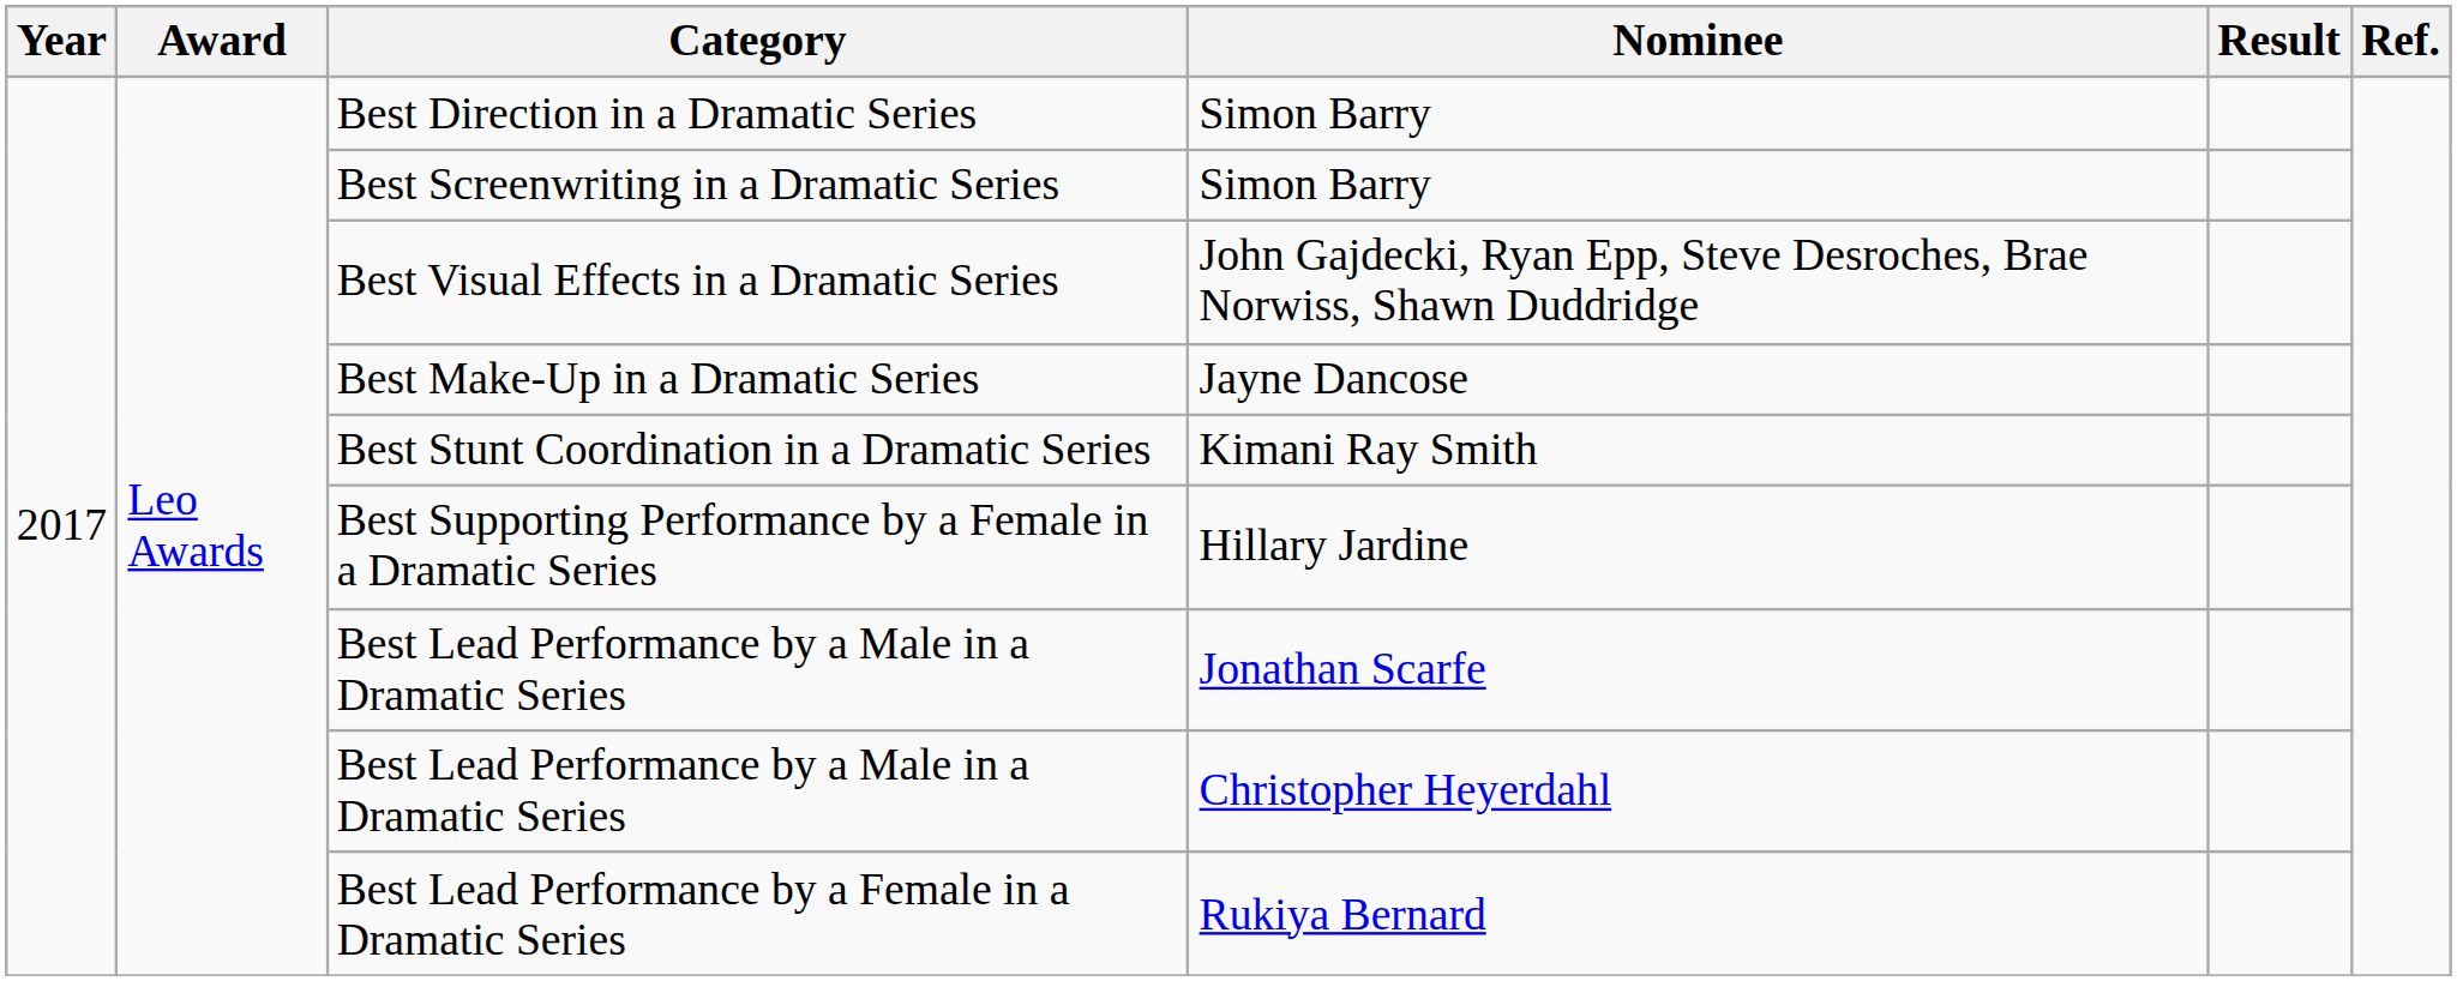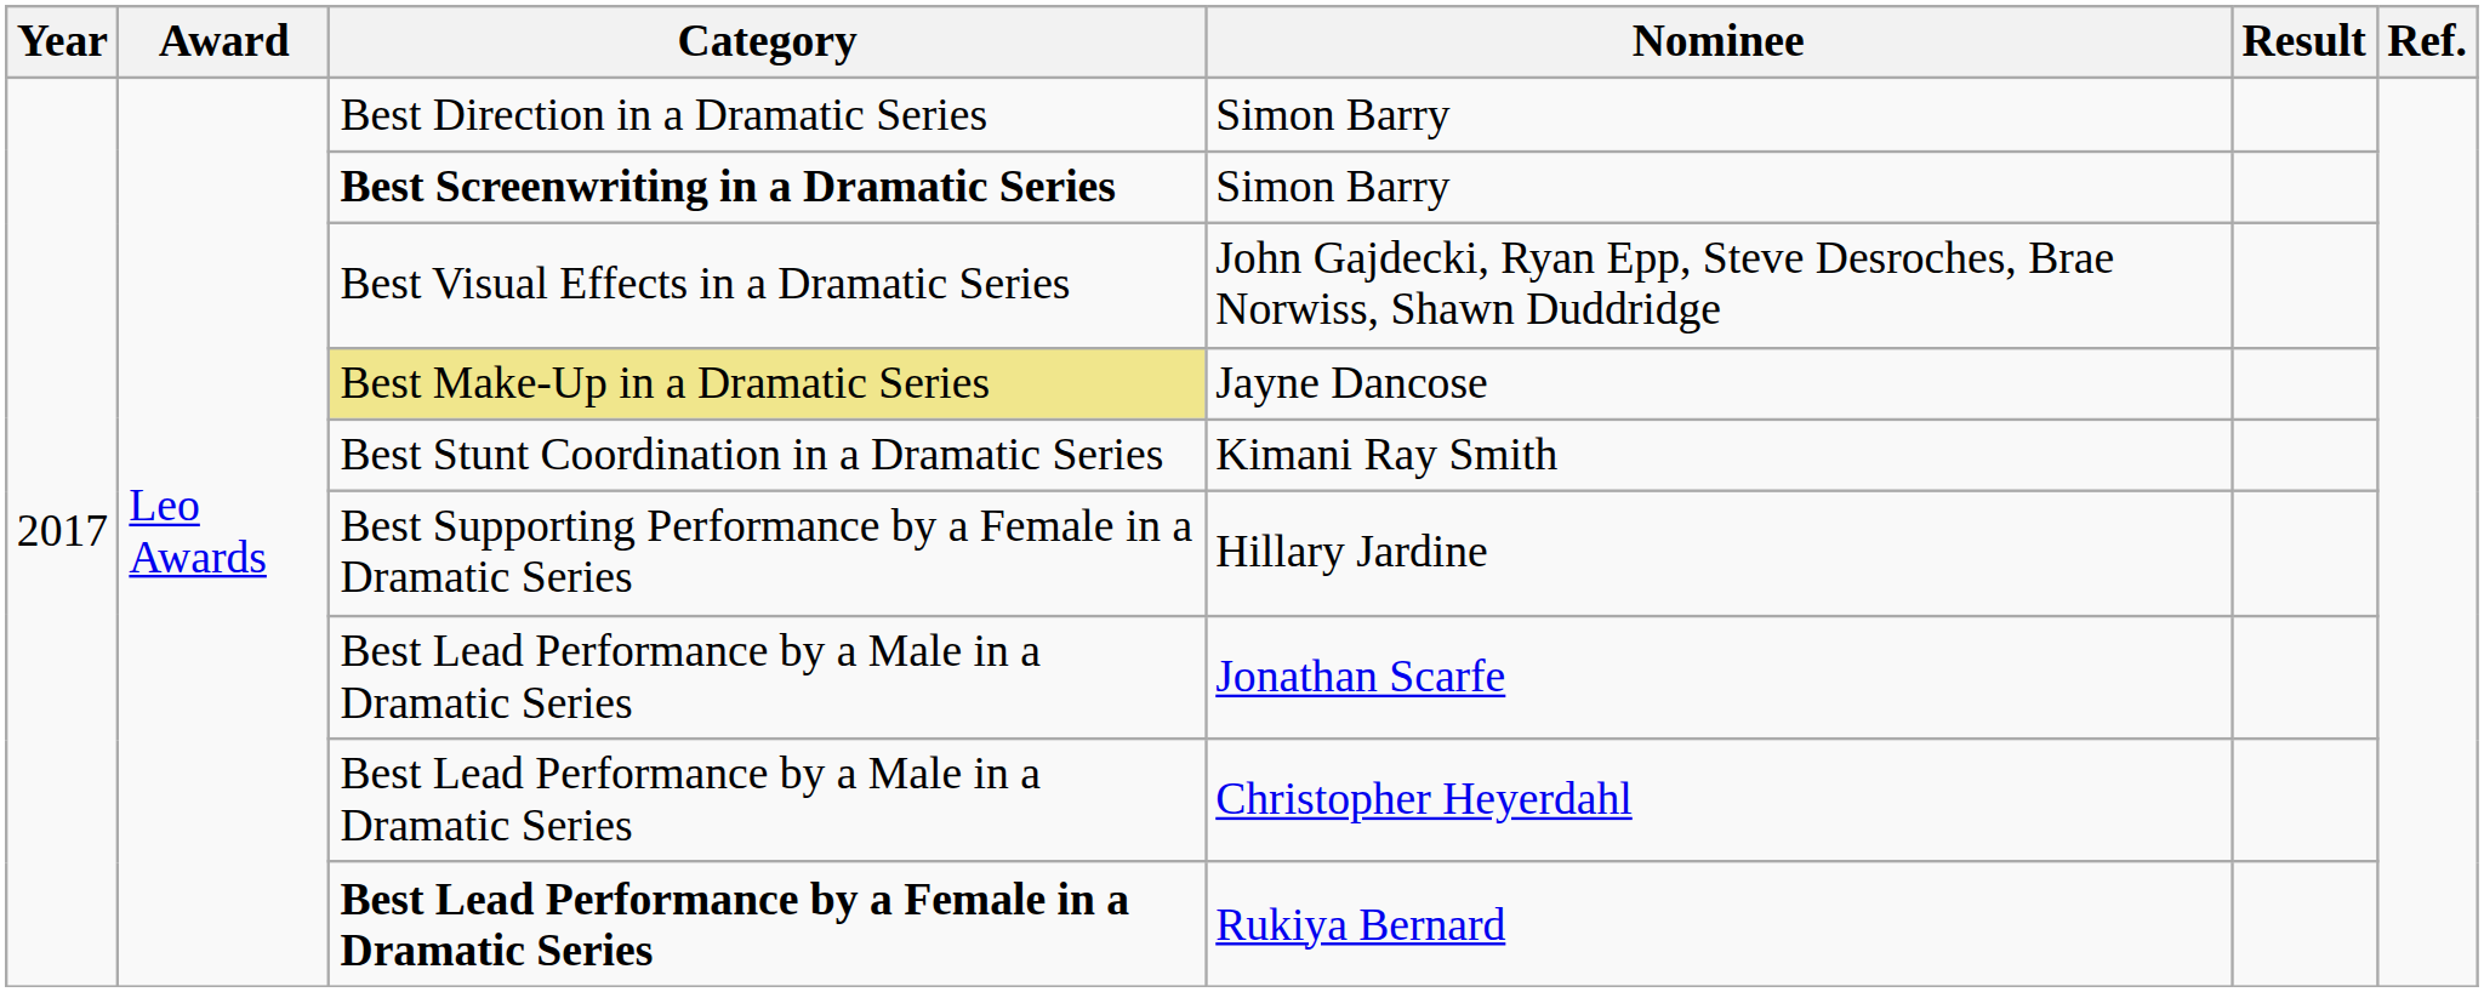 <table class="wikitable">
 <tr>
 <th>Year</th>
 <th>Award</th>
 <th>Category</th>
 <th>Nominee</th>
 <th>Result</th>
 <th>Ref.</th>
 </tr>
 <tr>
 <td rowspan=9>2017</td>
 <td rowspan=9><a href='#'>Leo Awards</a></td>
 <td>Best Direction in a Dramatic Series</td>
 <td>Simon Barry </td>
 <td></td>
 <td rowspan=9></td>
 </tr>
 <tr>
-<td>Best Screenwriting in a Dramatic Series</td>
+<td><strong>Best Screenwriting in a Dramatic Series</strong></td>
 <td>Simon Barry </td>
 <td></td>
 </tr>
 <tr>
 <td>Best Visual Effects in a Dramatic Series</td>
 <td>John Gajdecki, Ryan Epp, Steve Desroches, Brae Norwiss, Shawn Duddridge </td>
 <td></td>
 </tr>
 <tr>
-<td>Best Make-Up in a Dramatic Series</td>
+<td style="background: khaki;">Best Make-Up in a Dramatic Series</td>
 <td>Jayne Dancose </td>
 <td></td>
 </tr>
 <tr>
 <td>Best Stunt Coordination in a Dramatic Series</td>
 <td>Kimani Ray Smith </td>
 <td></td>
 </tr>
 <tr>
 <td>Best Supporting Performance by a Female in a Dramatic Series</td>
 <td>Hillary Jardine </td>
 <td></td>
 </tr>
 <tr>
 <td>Best Lead Performance by a Male in a Dramatic Series</td>
 <td><a href='#'>Jonathan Scarfe</a> </td>
 <td></td>
 </tr>
 <tr>
 <td>Best Lead Performance by a Male in a Dramatic Series</td>
 <td><a href='#'>Christopher Heyerdahl</a> </td>
 <td></td>
 </tr>
 <tr>
-<td>Best Lead Performance by a Female in a Dramatic Series</td>
+<td><strong>Best Lead Performance by a Female in a Dramatic Series</strong></td>
 <td><a href='#'>Rukiya Bernard</a> </td>
 <td></td>
 </tr>
 </table>
